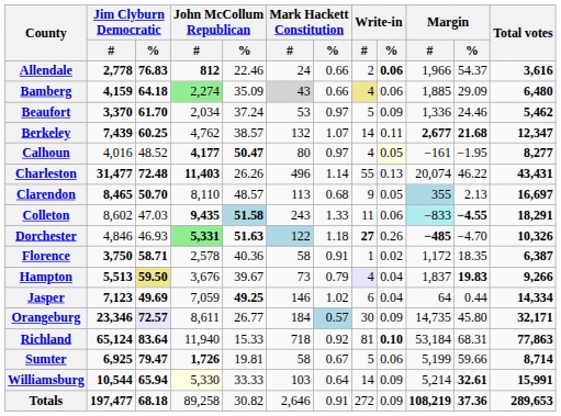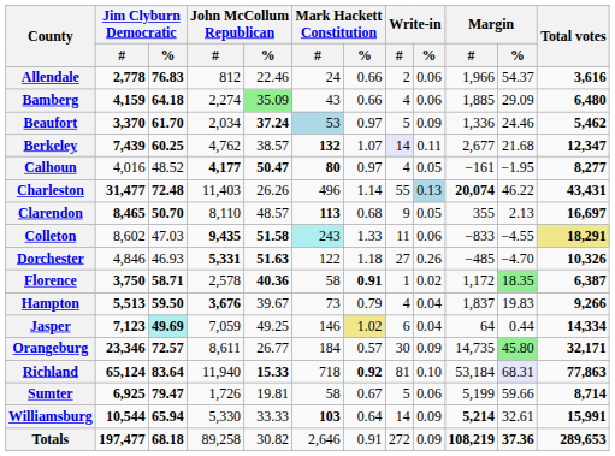 <table class="wikitable sortable"  style="text-align:right">
 <tr>
 <th rowspan="2">County</th>
 <th colspan="2"><a href='#'>Jim Clyburn</a><br><a href='#'>Democratic</a></th>
 <th colspan="2">John McCollum<br><a href='#'>Republican</a></th>
 <th colspan="2">Mark Hackett<br><a href='#'>Constitution</a></th>
 <th colspan="2">Write-in</th>
 <th colspan="2">Margin</th>
 <th rowspan="2">Total votes</th>
 </tr>
 <tr>
 <th data-sort-type="number" style="text-align:center;">#</th>
 <th data-sort-type="number" style="text-align:center;">%</th>
 <th data-sort-type="number" style="text-align:center;">#</th>
 <th data-sort-type="number" style="text-align:center;">%</th>
 <th data-sort-type="number" style="text-align:center;">#</th>
 <th data-sort-type="number" style="text-align:center;">%</th>
 <th data-sort-type="number" style="text-align:center;">#</th>
 <th data-sort-type="number" style="text-align:center;">%</th>
 <th data-sort-type="number" style="text-align:center;">#</th>
 <th data-sort-type="number" style="text-align:center;">%</th>
 </tr>
 <tr>
 <th><a href='#'>Allendale</a></th>
 <td><strong>2,778</strong></td>
 <td><strong>76.83</strong></td>
-<td><strong>812</strong></td>
+<td>812</td>
 <td>22.46</td>
 <td>24</td>
 <td>0.66</td>
 <td>2</td>
-<td><strong>0.06</strong></td>
+<td>0.06</td>
 <td>1,966</td>
 <td>54.37</td>
 <td><strong>3,616</strong></td>
 </tr>
 <tr>
 <th><a href='#'>Bamberg</a></th>
 <td><strong>4,159</strong></td>
 <td><strong>64.18</strong></td>
-<td style="background: lightgreen;">2,274</td>
-<td>35.09</td>
-<td style="background: lightgrey;">43</td>
+<td>2,274</td>
+<td style="background: lightgreen;">35.09</td>
+<td>43</td>
 <td>0.66</td>
-<td style="background: khaki;">4</td>
+<td>4</td>
 <td>0.06</td>
 <td>1,885</td>
 <td>29.09</td>
 <td><strong>6,480</strong></td>
 </tr>
 <tr>
 <th><a href='#'>Beaufort</a> </th>
 <td><strong>3,370</strong></td>
 <td><strong>61.70</strong></td>
 <td>2,034</td>
-<td>37.24</td>
-<td>53</td>
+<td><strong>37.24</strong></td>
+<td style="background: lightblue;">53</td>
 <td>0.97</td>
 <td>5</td>
 <td>0.09</td>
 <td>1,336</td>
 <td>24.46</td>
 <td><strong>5,462</strong></td>
 </tr>
 <tr>
 <th><a href='#'>Berkeley</a> </th>
 <td><strong>7,439</strong></td>
 <td><strong>60.25</strong></td>
 <td>4,762</td>
 <td>38.57</td>
-<td>132</td>
+<td><strong>132</strong></td>
 <td>1.07</td>
-<td>14</td>
+<td style="background: lavender;">14</td>
 <td>0.11</td>
-<td><strong>2,677</strong></td>
-<td><strong>21.68</strong></td>
+<td>2,677</td>
+<td>21.68</td>
 <td><strong>12,347</strong></td>
 </tr>
 <tr>
 <th><a href='#'>Calhoun</a></th>
 <td>4,016</td>
 <td>48.52</td>
 <td><strong>4,177</strong></td>
 <td><strong>50.47</strong></td>
-<td>80</td>
+<td><strong>80</strong></td>
 <td>0.97</td>
 <td>4</td>
-<td style="background: lightyellow;">0.05</td>
+<td>0.05</td>
 <td>−161</td>
 <td>−1.95</td>
 <td><strong>8,277</strong></td>
 </tr>
 <tr>
 <th><a href='#'>Charleston</a> </th>
 <td><strong>31,477</strong></td>
 <td><strong>72.48</strong></td>
-<td><strong>11,403</strong></td>
+<td>11,403</td>
 <td>26.26</td>
 <td>496</td>
 <td>1.14</td>
 <td>55</td>
-<td>0.13</td>
-<td>20,074</td>
+<td style="background: lightblue;">0.13</td>
+<td><strong>20,074</strong></td>
 <td>46.22</td>
 <td><strong>43,431</strong></td>
 </tr>
 <tr>
 <th><a href='#'>Clarendon</a></th>
 <td><strong>8,465</strong></td>
 <td><strong>50.70</strong></td>
 <td>8,110</td>
 <td>48.57</td>
-<td>113</td>
+<td><strong>113</strong></td>
 <td>0.68</td>
 <td>9</td>
 <td>0.05</td>
-<td style="background: lightblue;">355</td>
+<td>355</td>
 <td>2.13</td>
 <td><strong>16,697</strong></td>
 </tr>
 <tr>
 <th><a href='#'>Colleton</a> </th>
 <td>8,602</td>
 <td>47.03</td>
 <td><strong>9,435</strong></td>
-<td style="background: lightblue;"><strong>51.58</strong></td>
-<td>243</td>
+<td><strong>51.58</strong></td>
+<td style="background: paleturquoise;">243</td>
 <td>1.33</td>
 <td>11</td>
 <td>0.06</td>
-<td style="background: paleturquoise;">−833</td>
-<td><strong>−4.55</strong></td>
-<td><strong>18,291</strong></td>
+<td>−833</td>
+<td>−4.55</td>
+<td style="background: khaki;"><strong>18,291</strong></td>
 </tr>
 <tr>
 <th><a href='#'>Dorchester</a> </th>
 <td>4,846</td>
 <td>46.93</td>
-<td style="background: lightgreen;"><strong>5,331</strong></td>
+<td><strong>5,331</strong></td>
 <td><strong>51.63</strong></td>
-<td style="background: lightblue;">122</td>
+<td>122</td>
 <td>1.18</td>
-<td><strong>27</strong></td>
+<td>27</td>
 <td>0.26</td>
-<td><strong>−485</strong></td>
+<td>−485</td>
 <td>−4.70</td>
 <td><strong>10,326</strong></td>
 </tr>
 <tr>
 <th><a href='#'>Florence</a> </th>
 <td><strong>3,750</strong></td>
 <td><strong>58.71</strong></td>
 <td>2,578</td>
-<td>40.36</td>
+<td><strong>40.36</strong></td>
 <td>58</td>
-<td>0.91</td>
+<td><strong>0.91</strong></td>
 <td>1</td>
 <td>0.02</td>
 <td>1,172</td>
-<td>18.35</td>
+<td style="background: lightgreen;">18.35</td>
 <td><strong>6,387</strong></td>
 </tr>
 <tr>
 <th><a href='#'>Hampton</a></th>
 <td><strong>5,513</strong></td>
-<td style="background: khaki;"><strong>59.50</strong></td>
-<td>3,676</td>
+<td><strong>59.50</strong></td>
+<td><strong>3,676</strong></td>
 <td>39.67</td>
 <td>73</td>
 <td>0.79</td>
-<td style="background: lavender;">4</td>
+<td>4</td>
 <td>0.04</td>
 <td>1,837</td>
-<td><strong>19.83</strong></td>
+<td>19.83</td>
 <td><strong>9,266</strong></td>
 </tr>
 <tr>
 <th><a href='#'>Jasper</a></th>
 <td><strong>7,123</strong></td>
-<td><strong>49.69</strong></td>
+<td style="background: paleturquoise;"><strong>49.69</strong></td>
 <td>7,059</td>
-<td><strong>49.25</strong></td>
+<td>49.25</td>
 <td>146</td>
-<td>1.02</td>
+<td style="background: khaki;">1.02</td>
 <td>6</td>
 <td>0.04</td>
 <td>64</td>
 <td>0.44</td>
 <td><strong>14,334</strong></td>
 </tr>
 <tr>
 <th><a href='#'>Orangeburg</a> </th>
 <td><strong>23,346</strong></td>
-<td style="background: lavender;"><strong>72.57</strong></td>
+<td><strong>72.57</strong></td>
 <td>8,611</td>
 <td>26.77</td>
 <td>184</td>
-<td style="background: lightblue;">0.57</td>
+<td>0.57</td>
 <td>30</td>
 <td>0.09</td>
 <td>14,735</td>
-<td>45.80</td>
+<td style="background: lightgreen;">45.80</td>
 <td><strong>32,171</strong></td>
 </tr>
 <tr>
 <th><a href='#'>Richland</a> </th>
 <td><strong>65,124</strong></td>
 <td><strong>83.64</strong></td>
 <td>11,940</td>
-<td>15.33</td>
+<td><strong>15.33</strong></td>
 <td>718</td>
-<td>0.92</td>
+<td><strong>0.92</strong></td>
 <td>81</td>
-<td><strong>0.10</strong></td>
+<td>0.10</td>
 <td>53,184</td>
-<td>68.31</td>
+<td style="background: lavender;">68.31</td>
 <td><strong>77,863</strong></td>
 </tr>
 <tr>
 <th><a href='#'>Sumter</a> </th>
 <td><strong>6,925</strong></td>
 <td><strong>79.47</strong></td>
-<td><strong>1,726</strong></td>
+<td>1,726</td>
 <td>19.81</td>
 <td>58</td>
 <td>0.67</td>
 <td>5</td>
 <td>0.06</td>
 <td>5,199</td>
 <td>59.66</td>
 <td><strong>8,714</strong></td>
 </tr>
 <tr>
 <th><a href='#'>Williamsburg</a></th>
 <td><strong>10,544</strong></td>
 <td><strong>65.94</strong></td>
-<td style="background: lightyellow;">5,330</td>
+<td>5,330</td>
 <td>33.33</td>
-<td>103</td>
+<td><strong>103</strong></td>
 <td>0.64</td>
 <td>14</td>
 <td>0.09</td>
-<td>5,214</td>
-<td><strong>32.61</strong></td>
+<td><strong>5,214</strong></td>
+<td>32.61</td>
 <td><strong>15,991</strong></td>
 </tr>
 <tr>
 <th data-sort-value="ZZZ">Totals</th>
 <td><strong>197,477</strong></td>
 <td><strong>68.18</strong></td>
 <td>89,258</td>
 <td>30.82</td>
 <td>2,646</td>
 <td>0.91</td>
 <td>272</td>
 <td>0.09</td>
 <td><strong>108,219</strong></td>
 <td><strong>37.36</strong></td>
 <td><strong>289,653</strong></td>
 </tr>
 </table>
